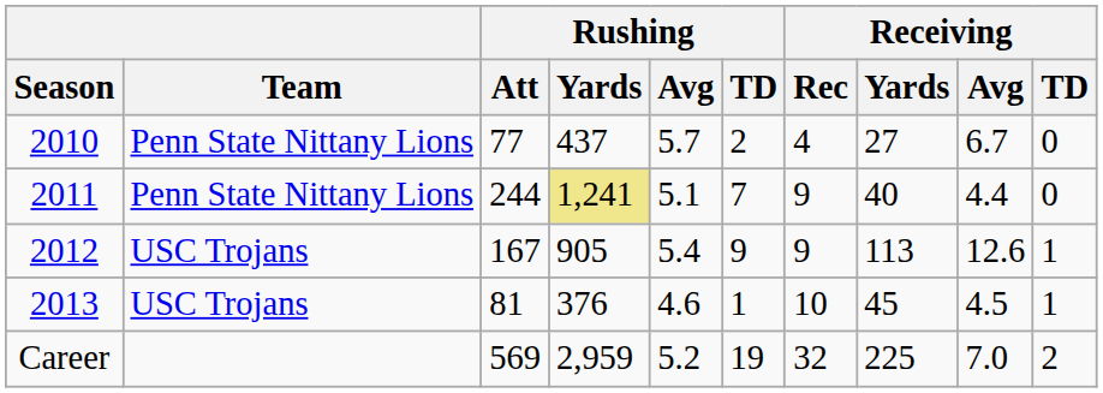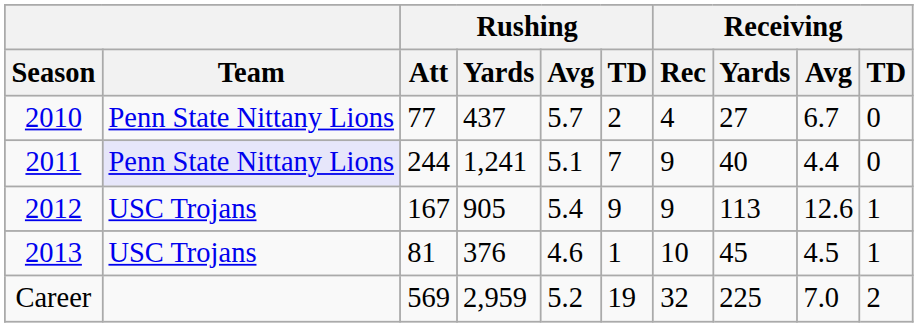 <table class="wikitable">
 <tr>
 <th colspan="2"></th>
 <th colspan="4" style="text-align:center;">Rushing</th>
 <th colspan="4" style="text-align:center;">Receiving</th>
 </tr>
 <tr>
 <th>Season</th>
 <th>Team</th>
 <th>Att</th>
 <th>Yards</th>
 <th>Avg</th>
 <th>TD</th>
 <th>Rec</th>
 <th>Yards</th>
 <th>Avg</th>
 <th>TD</th>
 </tr>
 <tr>
 <td style="text-align:center;"><a href='#'>2010</a></td>
 <td><a href='#'>Penn State Nittany Lions</a></td>
 <td>77</td>
 <td>437</td>
 <td>5.7</td>
 <td>2</td>
 <td>4</td>
 <td>27</td>
 <td>6.7</td>
 <td>0</td>
 </tr>
 <tr>
 <td style="text-align:center;"><a href='#'>2011</a></td>
-<td><a href='#'>Penn State Nittany Lions</a></td>
+<td style="background: lavender;"><a href='#'>Penn State Nittany Lions</a></td>
 <td>244</td>
-<td style="background: khaki;">1,241</td>
+<td>1,241</td>
 <td>5.1</td>
 <td>7</td>
 <td>9</td>
 <td>40</td>
 <td>4.4</td>
 <td>0</td>
 </tr>
 <tr>
 <td style="text-align:center;"><a href='#'>2012</a></td>
 <td><a href='#'>USC Trojans</a></td>
 <td>167</td>
 <td>905</td>
 <td>5.4</td>
 <td>9</td>
 <td>9</td>
 <td>113</td>
 <td>12.6</td>
 <td>1</td>
 </tr>
 <tr>
 <td style="text-align:center;"><a href='#'>2013</a></td>
 <td><a href='#'>USC Trojans</a></td>
 <td>81</td>
 <td>376</td>
 <td>4.6</td>
 <td>1</td>
 <td>10</td>
 <td>45</td>
 <td>4.5</td>
 <td>1</td>
 </tr>
 <tr>
 <td style="text-align:center;">Career</td>
 <td></td>
 <td>569</td>
 <td>2,959</td>
 <td>5.2</td>
 <td>19</td>
 <td>32</td>
 <td>225</td>
 <td>7.0</td>
 <td>2</td>
 </tr>
 </table>
